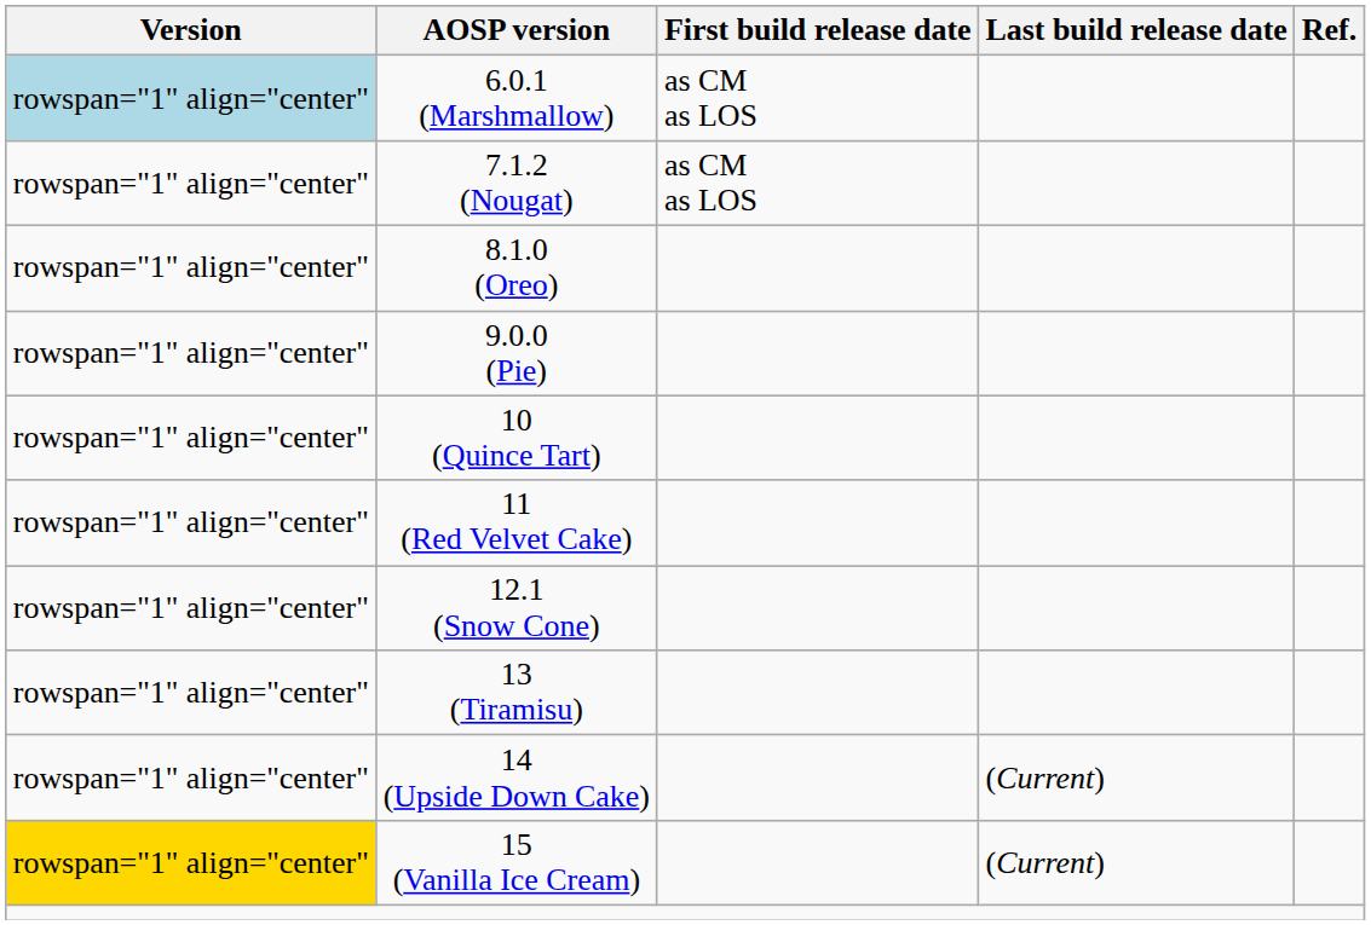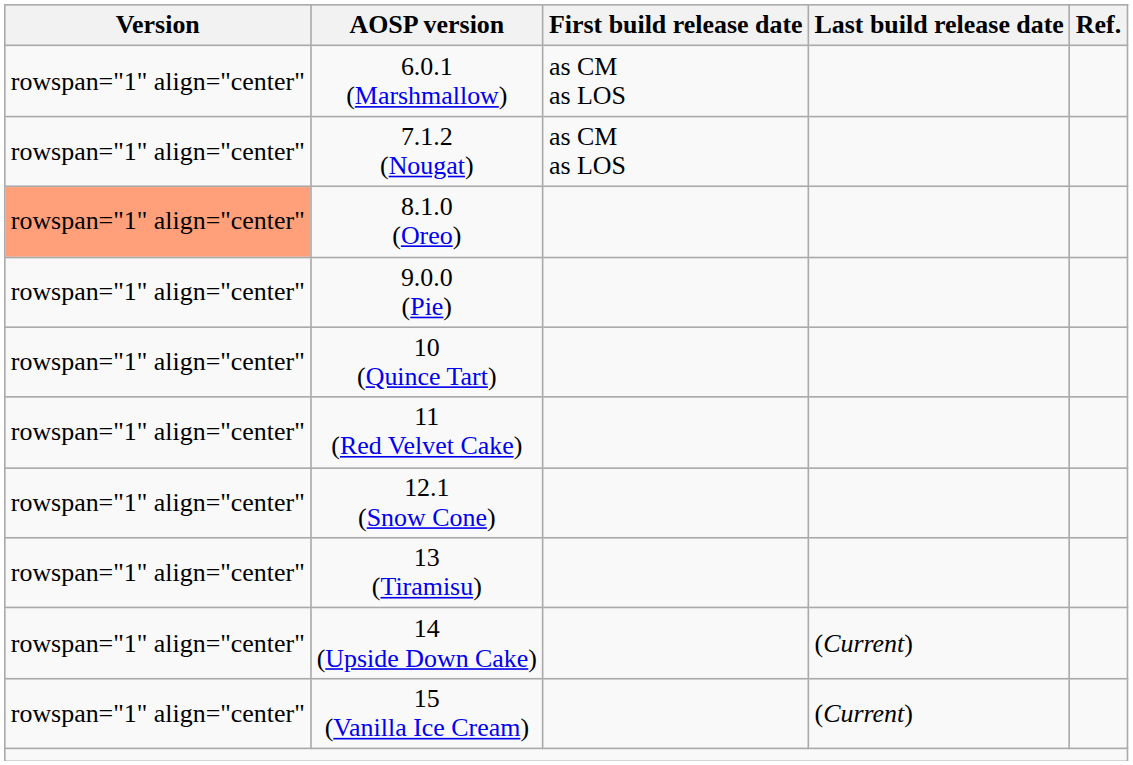 <table class="wikitable sortable mw-collapsible">
 <tr>
 <th>Version</th>
 <th>AOSP version</th>
 <th>First build release date</th>
 <th>Last build release date</th>
 <th>Ref.</th>
 </tr>
 <tr>
-<td style="background: lightblue;">rowspan="1" align="center" </td>
+<td>rowspan="1" align="center" </td>
 <td style="text-align: center;">6.0.1<br>(<a href='#'>Marshmallow</a>)</td>
 <td> as CM<br> as LOS</td>
 <td></td>
 <td></td>
 </tr>
 <tr>
 <td>rowspan="1" align="center" </td>
 <td style="text-align: center;">7.1.2 <br>(<a href='#'>Nougat</a>)</td>
 <td> as CM<br> as LOS</td>
 <td></td>
 <td></td>
 </tr>
 <tr>
-<td>rowspan="1" align="center" </td>
+<td style="background: lightsalmon;">rowspan="1" align="center" </td>
 <td style="text-align: center;">8.1.0 <br>(<a href='#'>Oreo</a>)</td>
 <td></td>
 <td></td>
 <td></td>
 </tr>
 <tr>
 <td>rowspan="1" align="center" </td>
 <td style="text-align: center;">9.0.0 <br>(<a href='#'>Pie</a>)</td>
 <td></td>
 <td></td>
 <td></td>
 </tr>
 <tr>
 <td>rowspan="1" align="center" </td>
 <td style="text-align: center;">10 <br> (<a href='#'>Quince Tart</a>)</td>
 <td></td>
 <td></td>
 <td></td>
 </tr>
 <tr>
 <td>rowspan="1" align="center" </td>
 <td style="text-align: center;">11 <br> (<a href='#'>Red Velvet Cake</a>)</td>
 <td></td>
 <td></td>
 <td></td>
 </tr>
 <tr>
 <td>rowspan="1" align="center" </td>
 <td style="text-align: center;">12.1 <br> (<a href='#'>Snow Cone</a>)</td>
 <td></td>
 <td></td>
 <td></td>
 </tr>
 <tr>
 <td>rowspan="1" align="center" </td>
 <td style="text-align: center;">13 <br> (<a href='#'>Tiramisu</a>)</td>
 <td></td>
 <td></td>
 <td></td>
 </tr>
 <tr>
 <td>rowspan="1" align="center" </td>
 <td style="text-align: center;">14 <br> (<a href='#'>Upside Down Cake</a>)</td>
 <td></td>
 <td>(<em>Current</em>)</td>
 <td></td>
 </tr>
 <tr>
-<td style="background: gold;">rowspan="1" align="center" </td>
+<td>rowspan="1" align="center" </td>
 <td style="text-align: center;">15 <br> (<a href='#'>Vanilla Ice Cream</a>)</td>
 <td></td>
 <td>(<em>Current</em>)</td>
 <td></td>
 </tr>
 <tr>
 <td colspan="5"><small></small></td>
 </tr>
 </table>
